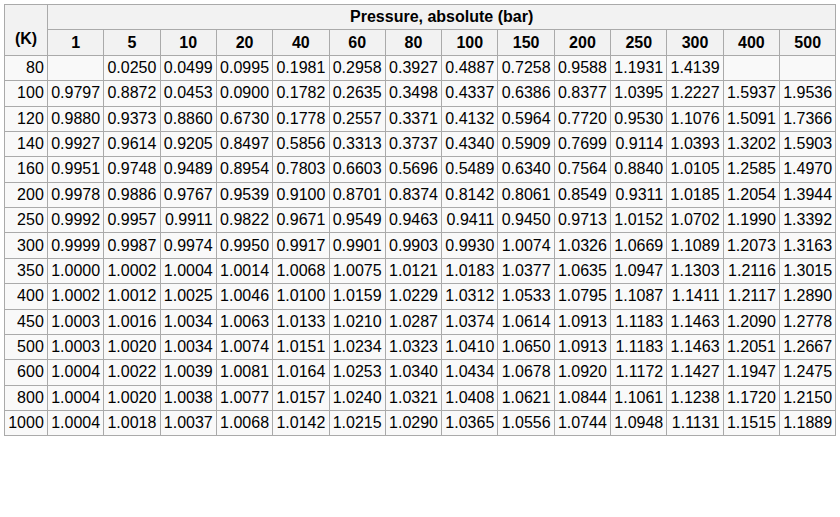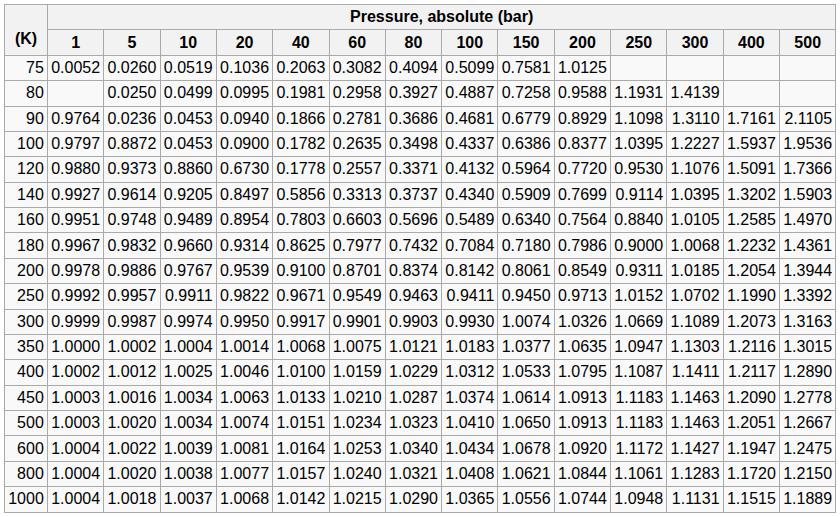 <table class="wikitable" style="text-align: right;">
 <tr>
 <th rowspan=2> <br>(K)</th>
 <th colspan=14>Pressure, absolute (bar)</th>
 </tr>
 <tr>
 <th>1</th>
 <th>5</th>
 <th>10</th>
 <th>20</th>
 <th>40</th>
 <th>60</th>
 <th>80</th>
 <th>100</th>
 <th>150</th>
 <th>200</th>
 <th>250</th>
 <th>300</th>
 <th>400</th>
 <th>500</th>
 </tr>
 <tr>
+<td>75</td>
+<td>0.0052</td>
+<td>0.0260</td>
+<td>0.0519</td>
+<td>0.1036</td>
+<td>0.2063</td>
+<td>0.3082</td>
+<td>0.4094</td>
+<td>0.5099</td>
+<td>0.7581</td>
+<td>1.0125</td>
+<td></td>
+<td></td>
+<td></td>
+<td></td>
+</tr>
+<tr>
 <td>80</td>
 <td></td>
 <td>0.0250</td>
 <td>0.0499</td>
 <td>0.0995</td>
 <td>0.1981</td>
 <td>0.2958</td>
 <td>0.3927</td>
 <td>0.4887</td>
 <td>0.7258</td>
 <td>0.9588</td>
 <td>1.1931</td>
 <td>1.4139</td>
 <td></td>
 <td></td>
+</tr>
+<tr>
+<td>90</td>
+<td>0.9764</td>
+<td>0.0236</td>
+<td>0.0453</td>
+<td>0.0940</td>
+<td>0.1866</td>
+<td>0.2781</td>
+<td>0.3686</td>
+<td>0.4681</td>
+<td>0.6779</td>
+<td>0.8929</td>
+<td>1.1098</td>
+<td>1.3110</td>
+<td>1.7161</td>
+<td>2.1105</td>
 </tr>
 <tr>
 <td>100</td>
 <td>0.9797</td>
 <td>0.8872</td>
 <td>0.0453</td>
 <td>0.0900</td>
 <td>0.1782</td>
 <td>0.2635</td>
 <td>0.3498</td>
 <td>0.4337</td>
 <td>0.6386</td>
 <td>0.8377</td>
 <td>1.0395</td>
 <td>1.2227</td>
 <td>1.5937</td>
 <td>1.9536</td>
 </tr>
 <tr>
 <td>120</td>
 <td>0.9880</td>
 <td>0.9373</td>
 <td>0.8860</td>
 <td>0.6730</td>
 <td>0.1778</td>
 <td>0.2557</td>
 <td>0.3371</td>
 <td>0.4132</td>
 <td>0.5964</td>
 <td>0.7720</td>
 <td>0.9530</td>
 <td>1.1076</td>
 <td>1.5091</td>
 <td>1.7366</td>
 </tr>
 <tr>
 <td>140</td>
 <td>0.9927</td>
 <td>0.9614</td>
 <td>0.9205</td>
 <td>0.8497</td>
 <td>0.5856</td>
 <td>0.3313</td>
 <td>0.3737</td>
 <td>0.4340</td>
 <td>0.5909</td>
 <td>0.7699</td>
 <td>0.9114</td>
-<td>1.0393</td>
+<td>1.0395</td>
 <td>1.3202</td>
 <td>1.5903</td>
 </tr>
 <tr>
 <td>160</td>
 <td>0.9951</td>
 <td>0.9748</td>
 <td>0.9489</td>
 <td>0.8954</td>
 <td>0.7803</td>
 <td>0.6603</td>
 <td>0.5696</td>
 <td>0.5489</td>
 <td>0.6340</td>
 <td>0.7564</td>
 <td>0.8840</td>
 <td>1.0105</td>
 <td>1.2585</td>
 <td>1.4970</td>
+</tr>
+<tr>
+<td>180</td>
+<td>0.9967</td>
+<td>0.9832</td>
+<td>0.9660</td>
+<td>0.9314</td>
+<td>0.8625</td>
+<td>0.7977</td>
+<td>0.7432</td>
+<td>0.7084</td>
+<td>0.7180</td>
+<td>0.7986</td>
+<td>0.9000</td>
+<td>1.0068</td>
+<td>1.2232</td>
+<td>1.4361</td>
 </tr>
 <tr>
 <td>200</td>
 <td>0.9978</td>
 <td>0.9886</td>
 <td>0.9767</td>
 <td>0.9539</td>
 <td>0.9100</td>
 <td>0.8701</td>
 <td>0.8374</td>
 <td>0.8142</td>
 <td>0.8061</td>
 <td>0.8549</td>
 <td>0.9311</td>
 <td>1.0185</td>
 <td>1.2054</td>
 <td>1.3944</td>
 </tr>
 <tr>
 <td>250</td>
 <td>0.9992</td>
 <td>0.9957</td>
 <td>0.9911</td>
 <td>0.9822</td>
 <td>0.9671</td>
 <td>0.9549</td>
 <td>0.9463</td>
 <td>0.9411</td>
 <td>0.9450</td>
 <td>0.9713</td>
 <td>1.0152</td>
 <td>1.0702</td>
 <td>1.1990</td>
 <td>1.3392</td>
 </tr>
 <tr>
 <td>300</td>
 <td>0.9999</td>
 <td>0.9987</td>
 <td>0.9974</td>
 <td>0.9950</td>
 <td>0.9917</td>
 <td>0.9901</td>
 <td>0.9903</td>
 <td>0.9930</td>
 <td>1.0074</td>
 <td>1.0326</td>
 <td>1.0669</td>
 <td>1.1089</td>
 <td>1.2073</td>
 <td>1.3163</td>
 </tr>
 <tr>
 <td>350</td>
 <td>1.0000</td>
 <td>1.0002</td>
 <td>1.0004</td>
 <td>1.0014</td>
 <td>1.0068</td>
 <td>1.0075</td>
 <td>1.0121</td>
 <td>1.0183</td>
 <td>1.0377</td>
 <td>1.0635</td>
 <td>1.0947</td>
 <td>1.1303</td>
 <td>1.2116</td>
 <td>1.3015</td>
 </tr>
 <tr>
 <td>400</td>
 <td>1.0002</td>
 <td>1.0012</td>
 <td>1.0025</td>
 <td>1.0046</td>
 <td>1.0100</td>
 <td>1.0159</td>
 <td>1.0229</td>
 <td>1.0312</td>
 <td>1.0533</td>
 <td>1.0795</td>
 <td>1.1087</td>
 <td>1.1411</td>
 <td>1.2117</td>
 <td>1.2890</td>
 </tr>
 <tr>
 <td>450</td>
 <td>1.0003</td>
 <td>1.0016</td>
 <td>1.0034</td>
 <td>1.0063</td>
 <td>1.0133</td>
 <td>1.0210</td>
 <td>1.0287</td>
 <td>1.0374</td>
 <td>1.0614</td>
 <td>1.0913</td>
 <td>1.1183</td>
 <td>1.1463</td>
 <td>1.2090</td>
 <td>1.2778</td>
 </tr>
 <tr>
 <td>500</td>
 <td>1.0003</td>
 <td>1.0020</td>
 <td>1.0034</td>
 <td>1.0074</td>
 <td>1.0151</td>
 <td>1.0234</td>
 <td>1.0323</td>
 <td>1.0410</td>
 <td>1.0650</td>
 <td>1.0913</td>
 <td>1.1183</td>
 <td>1.1463</td>
 <td>1.2051</td>
 <td>1.2667</td>
 </tr>
 <tr>
 <td>600</td>
 <td>1.0004</td>
 <td>1.0022</td>
 <td>1.0039</td>
 <td>1.0081</td>
 <td>1.0164</td>
 <td>1.0253</td>
 <td>1.0340</td>
 <td>1.0434</td>
 <td>1.0678</td>
 <td>1.0920</td>
 <td>1.1172</td>
 <td>1.1427</td>
 <td>1.1947</td>
 <td>1.2475</td>
 </tr>
 <tr>
 <td>800</td>
 <td>1.0004</td>
 <td>1.0020</td>
 <td>1.0038</td>
 <td>1.0077</td>
 <td>1.0157</td>
 <td>1.0240</td>
 <td>1.0321</td>
 <td>1.0408</td>
 <td>1.0621</td>
 <td>1.0844</td>
 <td>1.1061</td>
-<td>1.1238</td>
+<td>1.1283</td>
 <td>1.1720</td>
 <td>1.2150</td>
 </tr>
 <tr>
 <td>1000</td>
 <td>1.0004</td>
 <td>1.0018</td>
 <td>1.0037</td>
 <td>1.0068</td>
 <td>1.0142</td>
 <td>1.0215</td>
 <td>1.0290</td>
 <td>1.0365</td>
 <td>1.0556</td>
 <td>1.0744</td>
 <td>1.0948</td>
 <td>1.1131</td>
 <td>1.1515</td>
 <td>1.1889</td>
 </tr>
 </table>
